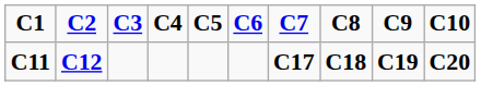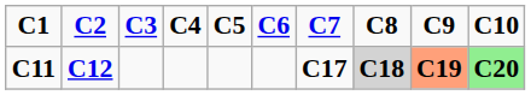 <table class="wikitable" style="text-align: center;">
 <tr valign="top">
 <td><strong>C1</strong><br></td>
 <td><strong><a href='#'>C2</a></strong><br></td>
 <td><strong><a href='#'>C3</a></strong><br></td>
 <td><strong>C4</strong><br></td>
 <td><strong>C5</strong><br></td>
 <td><strong><a href='#'>C6</a></strong><br></td>
 <td><strong><a href='#'>C7</a></strong><br></td>
 <td><strong>C8</strong><br></td>
 <td><strong>C9</strong><br></td>
 <td><strong>C10</strong><br></td>
 </tr>
 <tr valign="top">
 <td><strong>C11</strong><br></td>
 <td><strong><a href='#'>C12</a></strong><br></td>
 <td></td>
 <td></td>
 <td></td>
 <td></td>
 <td><strong>C17</strong><br></td>
-<td><strong>C18</strong><br></td>
-<td><strong>C19</strong><br></td>
-<td><strong>C20</strong><br></td>
+<td style="background: lightgrey;"><strong>C18</strong><br></td>
+<td style="background: lightsalmon;"><strong>C19</strong><br></td>
+<td style="background: lightgreen;"><strong>C20</strong><br></td>
 </tr>
 </table>
